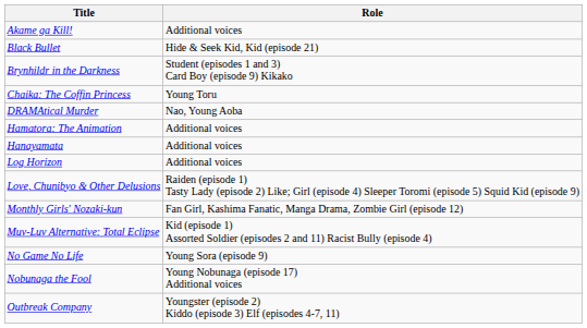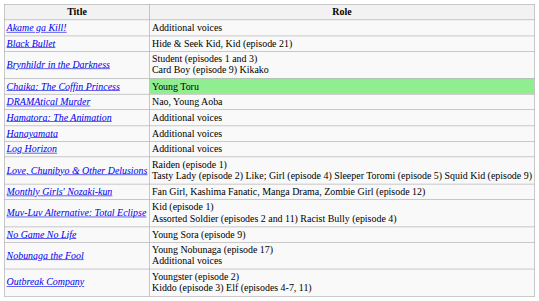 <table class="wikitable sortable">
 <tr>
 <th>Title</th>
 <th>Role</th>
 </tr>
 <tr>
 <td><em><a href='#'>Akame ga Kill!</a></em></td>
 <td>Additional voices</td>
 </tr>
 <tr>
 <td><em><a href='#'>Black Bullet</a></em></td>
 <td>Hide & Seek Kid, Kid (episode 21)</td>
 </tr>
 <tr>
 <td><em><a href='#'>Brynhildr in the Darkness</a></em></td>
 <td>Student (episodes 1 and 3)<br>Card Boy (episode 9) Kikako</td>
 </tr>
 <tr>
 <td><em><a href='#'>Chaika: The Coffin Princess</a></em></td>
-<td>Young Toru</td>
+<td style="background: lightgreen;">Young Toru</td>
 </tr>
 <tr>
 <td><a href='#'><em>DRAMAtical Murder</em></a></td>
 <td>Nao, Young Aoba</td>
 </tr>
 <tr>
 <td><a href='#'><em>Hamatora: The Animation</em></a></td>
 <td>Additional voices</td>
 </tr>
 <tr>
 <td><em><a href='#'>Hanayamata</a></em></td>
 <td>Additional voices</td>
 </tr>
 <tr>
 <td><em><a href='#'>Log Horizon</a></em></td>
 <td>Additional voices</td>
 </tr>
 <tr>
 <td><em><a href='#'>Love, Chunibyo & Other Delusions</a></em></td>
 <td>Raiden (episode 1)<br>Tasty Lady (episode 2) Like; Girl (episode 4) Sleeper Toromi (episode 5) Squid Kid (episode 9)</td>
 </tr>
 <tr>
 <td><em><a href='#'>Monthly Girls' Nozaki-kun</a></em></td>
 <td>Fan Girl, Kashima Fanatic, Manga Drama, Zombie Girl (episode 12)</td>
 </tr>
 <tr>
 <td><em><a href='#'>Muv-Luv Alternative: Total Eclipse</a></em></td>
 <td>Kid (episode 1)<br>Assorted Soldier (episodes 2 and 11) Racist Bully (episode 4)</td>
 </tr>
 <tr>
 <td><em><a href='#'>No Game No Life</a></em></td>
 <td>Young Sora (episode 9)</td>
 </tr>
 <tr>
 <td><em><a href='#'>Nobunaga the Fool</a></em></td>
 <td>Young Nobunaga (episode 17)<br>Additional voices</td>
 </tr>
 <tr>
 <td><em><a href='#'>Outbreak Company</a></em></td>
 <td>Youngster (episode 2)<br>Kiddo (episode 3) Elf (episodes 4-7, 11)</td>
 </tr>
 </table>
